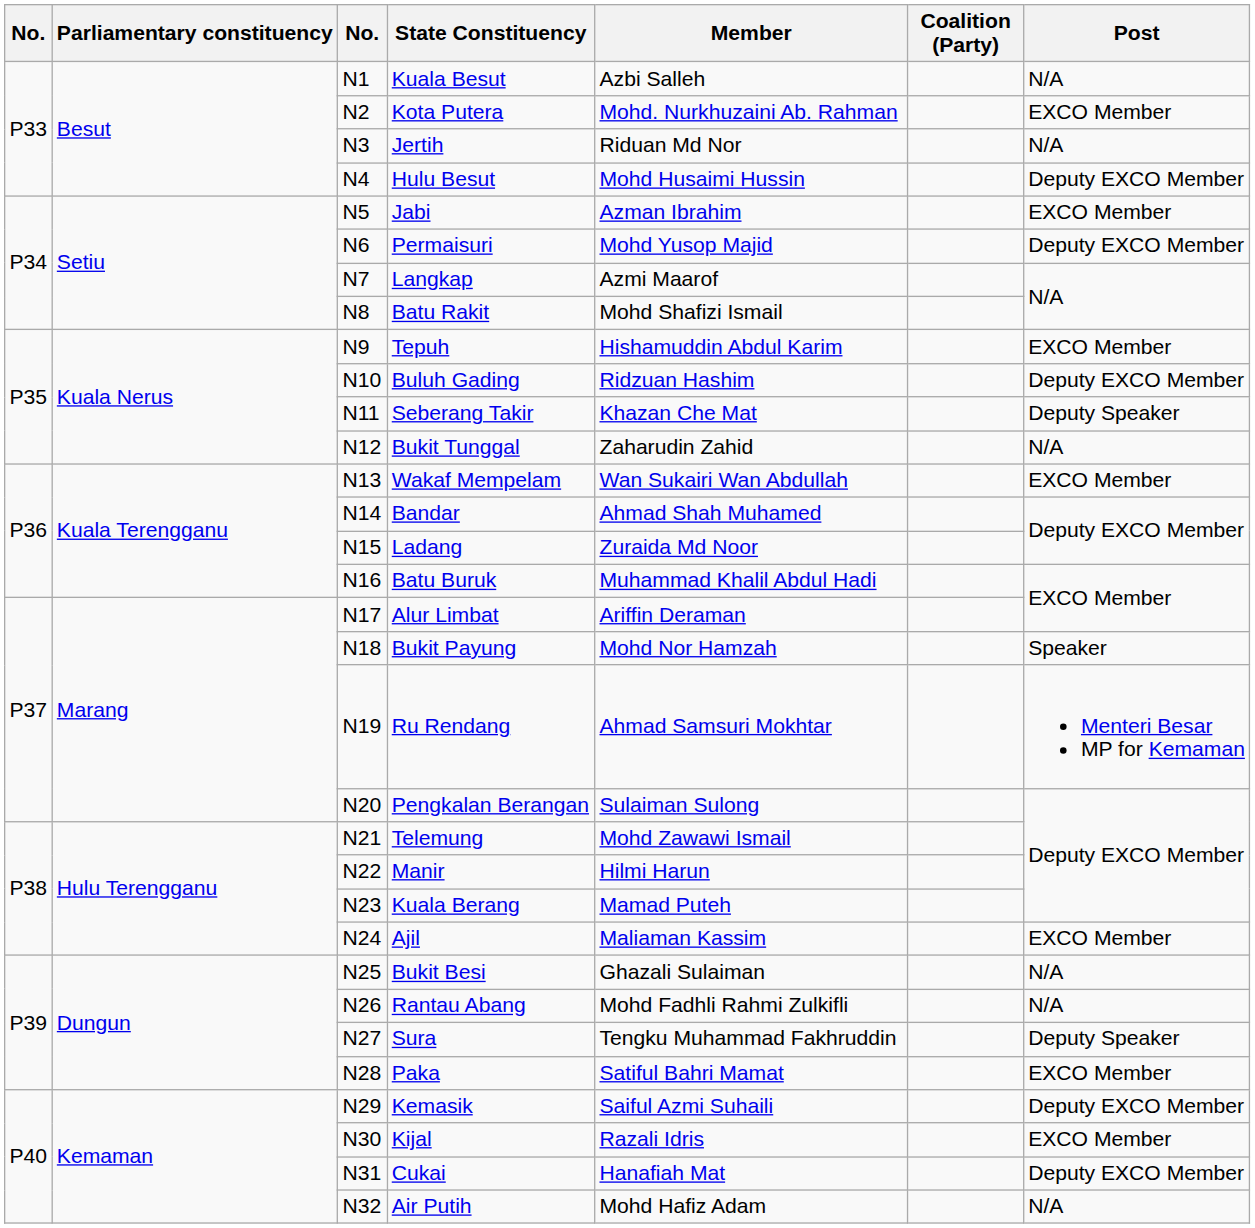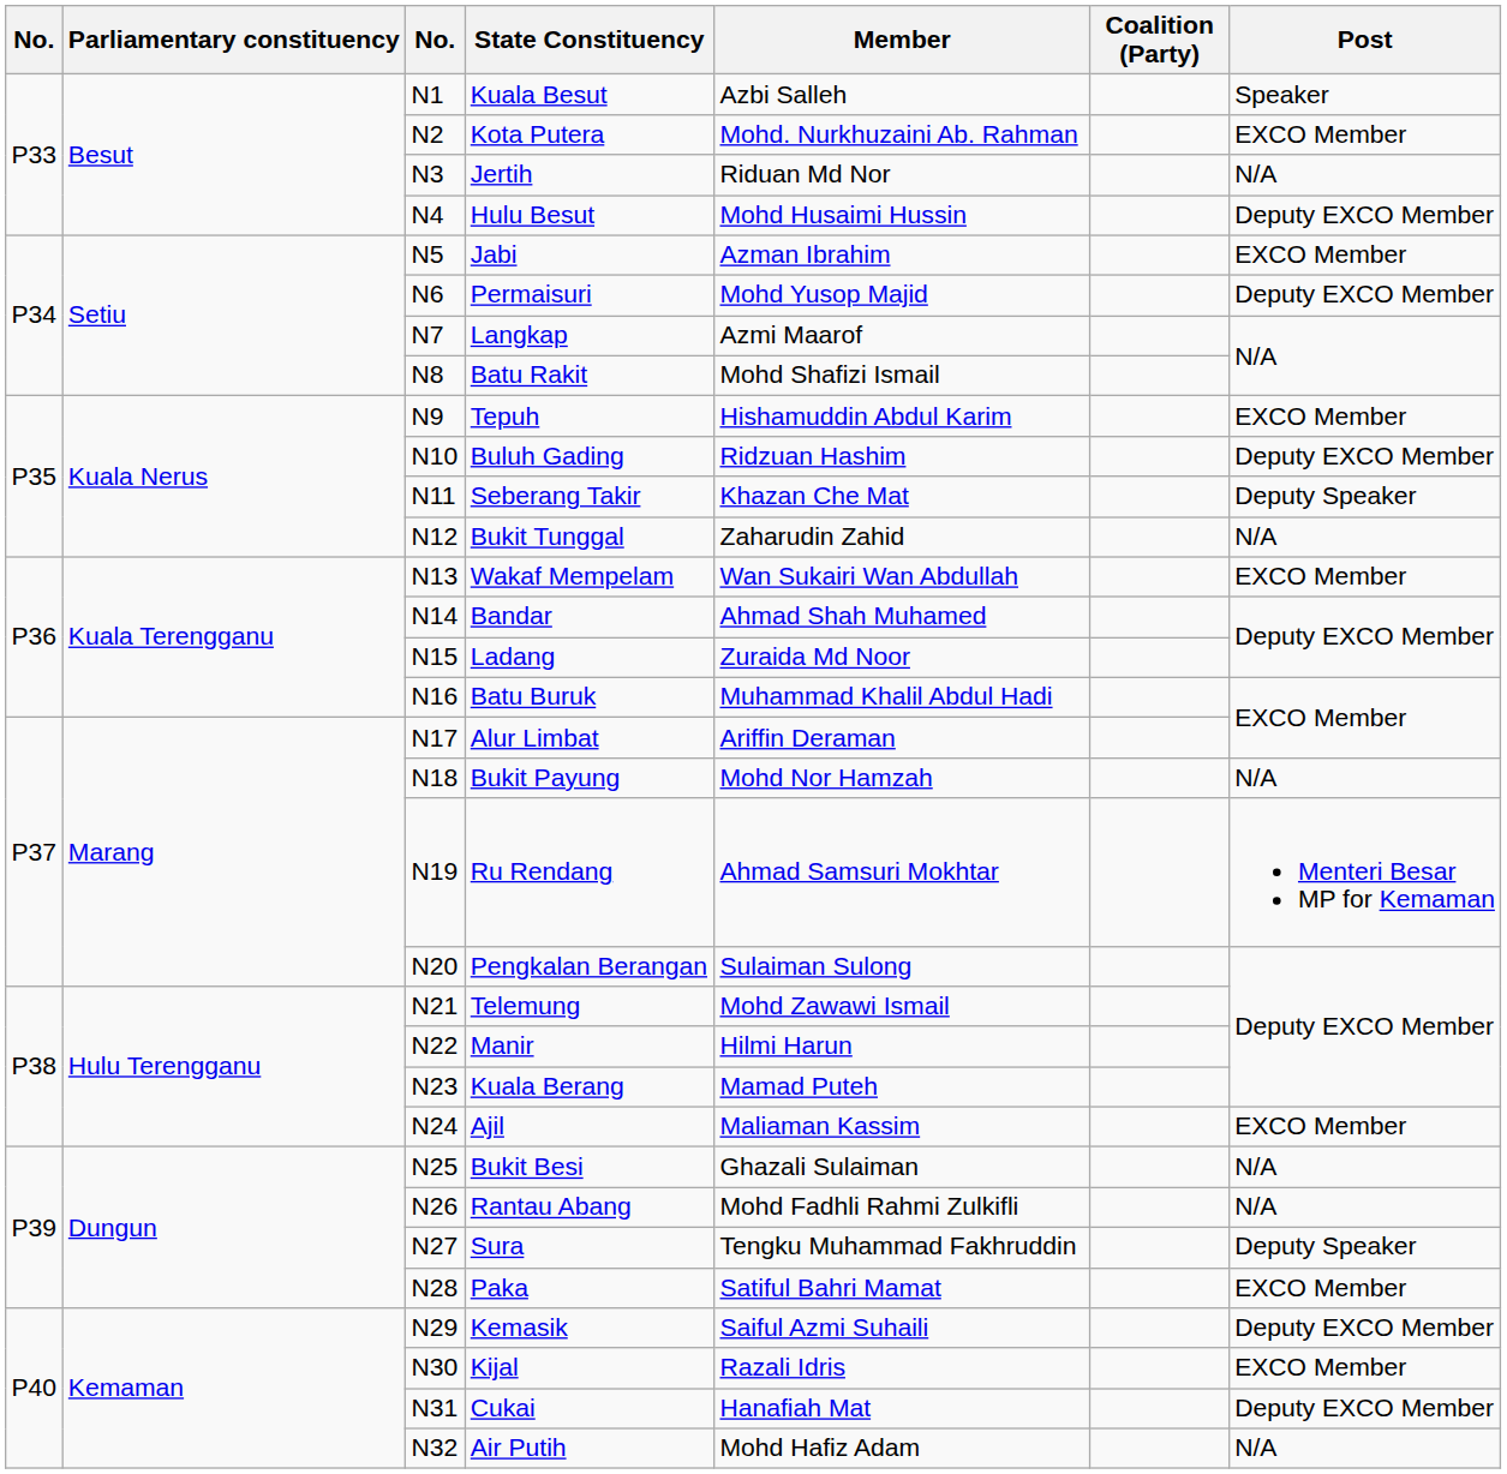 <table class="wikitable">
 <tr>
 <th>No.</th>
 <th>Parliamentary constituency</th>
 <th width="30">No.</th>
 <th width="150">State Constituency</th>
 <th width="230">Member</th>
 <th width="80">Coalition (Party)</th>
 <th>Post</th>
 </tr>
 <tr>
 <td rowspan="4">P33</td>
 <td rowspan="4"><a href='#'>Besut</a></td>
 <td>N1</td>
 <td><a href='#'>Kuala Besut</a></td>
 <td>Azbi Salleh</td>
 <td></td>
-<td>N/A</td>
+<td>Speaker</td>
 </tr>
 <tr>
 <td>N2</td>
 <td><a href='#'>Kota Putera</a></td>
 <td><a href='#'>Mohd. Nurkhuzaini Ab. Rahman</a></td>
 <td></td>
 <td>EXCO Member</td>
 </tr>
 <tr>
 <td>N3</td>
 <td><a href='#'>Jertih</a></td>
 <td>Riduan Md Nor</td>
 <td></td>
 <td>N/A</td>
 </tr>
 <tr>
 <td>N4</td>
 <td><a href='#'>Hulu Besut</a></td>
 <td><a href='#'>Mohd Husaimi Hussin</a></td>
 <td></td>
 <td>Deputy EXCO Member</td>
 </tr>
 <tr>
 <td rowspan="4">P34</td>
 <td rowspan="4"><a href='#'>Setiu</a></td>
 <td>N5</td>
 <td><a href='#'>Jabi</a></td>
 <td><a href='#'>Azman Ibrahim</a></td>
 <td></td>
 <td>EXCO Member</td>
 </tr>
 <tr>
 <td>N6</td>
 <td><a href='#'>Permaisuri</a></td>
 <td><a href='#'>Mohd Yusop Majid</a></td>
 <td></td>
 <td>Deputy EXCO Member</td>
 </tr>
 <tr>
 <td>N7</td>
 <td><a href='#'>Langkap</a></td>
 <td>Azmi Maarof</td>
 <td></td>
 <td rowspan="2">N/A</td>
 </tr>
 <tr>
 <td>N8</td>
 <td><a href='#'>Batu Rakit</a></td>
 <td>Mohd Shafizi Ismail</td>
 <td></td>
 </tr>
 <tr>
 <td rowspan="4">P35</td>
 <td rowspan="4"><a href='#'>Kuala Nerus</a></td>
 <td>N9</td>
 <td><a href='#'>Tepuh</a></td>
 <td><a href='#'>Hishamuddin Abdul Karim</a></td>
 <td></td>
 <td>EXCO Member</td>
 </tr>
 <tr>
 <td>N10</td>
 <td><a href='#'>Buluh Gading</a></td>
 <td><a href='#'>Ridzuan Hashim</a></td>
 <td></td>
 <td>Deputy EXCO Member</td>
 </tr>
 <tr>
 <td>N11</td>
 <td><a href='#'>Seberang Takir</a></td>
 <td><a href='#'>Khazan Che Mat</a></td>
 <td></td>
 <td>Deputy Speaker</td>
 </tr>
 <tr>
 <td>N12</td>
 <td><a href='#'>Bukit Tunggal</a></td>
 <td>Zaharudin Zahid</td>
 <td></td>
 <td>N/A</td>
 </tr>
 <tr>
 <td rowspan="4">P36</td>
 <td rowspan="4"><a href='#'>Kuala Terengganu</a></td>
 <td>N13</td>
 <td><a href='#'>Wakaf Mempelam</a></td>
 <td><a href='#'>Wan Sukairi Wan Abdullah</a></td>
 <td></td>
 <td>EXCO Member</td>
 </tr>
 <tr>
 <td>N14</td>
 <td><a href='#'>Bandar</a></td>
 <td><a href='#'>Ahmad Shah Muhamed</a></td>
 <td></td>
 <td rowspan="2">Deputy EXCO Member</td>
 </tr>
 <tr>
 <td>N15</td>
 <td><a href='#'>Ladang</a></td>
 <td><a href='#'>Zuraida Md Noor</a></td>
 <td></td>
 </tr>
 <tr>
 <td>N16</td>
 <td><a href='#'>Batu Buruk</a></td>
 <td><a href='#'>Muhammad Khalil Abdul Hadi</a></td>
 <td></td>
 <td rowspan="2">EXCO Member</td>
 </tr>
 <tr>
 <td rowspan="4">P37</td>
 <td rowspan="4"><a href='#'>Marang</a></td>
 <td>N17</td>
 <td><a href='#'>Alur Limbat</a></td>
 <td><a href='#'>Ariffin Deraman</a></td>
 <td></td>
 </tr>
 <tr>
 <td>N18</td>
 <td><a href='#'>Bukit Payung</a></td>
 <td><a href='#'>Mohd Nor Hamzah</a></td>
 <td></td>
-<td>Speaker</td>
+<td>N/A</td>
 </tr>
 <tr>
 <td>N19</td>
 <td><a href='#'>Ru Rendang</a></td>
 <td><a href='#'>Ahmad Samsuri Mokhtar</a></td>
 <td></td>
 <td><br><ul><li><a href='#'>Menteri Besar</a></li><li>MP for <a href='#'>Kemaman</a></li></ul></td>
 </tr>
 <tr>
 <td>N20</td>
 <td><a href='#'>Pengkalan Berangan</a></td>
 <td><a href='#'>Sulaiman Sulong</a></td>
 <td></td>
 <td rowspan="4">Deputy EXCO Member</td>
 </tr>
 <tr>
 <td rowspan="4">P38</td>
 <td rowspan="4"><a href='#'>Hulu Terengganu</a></td>
 <td>N21</td>
 <td><a href='#'>Telemung</a></td>
 <td><a href='#'>Mohd Zawawi Ismail</a></td>
 <td></td>
 </tr>
 <tr>
 <td>N22</td>
 <td><a href='#'>Manir</a></td>
 <td><a href='#'>Hilmi Harun</a></td>
 <td></td>
 </tr>
 <tr>
 <td>N23</td>
 <td><a href='#'>Kuala Berang</a></td>
 <td><a href='#'>Mamad Puteh</a></td>
 <td></td>
 </tr>
 <tr>
 <td>N24</td>
 <td><a href='#'>Ajil</a></td>
 <td><a href='#'>Maliaman Kassim</a></td>
 <td></td>
 <td>EXCO Member</td>
 </tr>
 <tr>
 <td rowspan="4">P39</td>
 <td rowspan="4"><a href='#'>Dungun</a></td>
 <td>N25</td>
 <td><a href='#'>Bukit Besi</a></td>
 <td>Ghazali Sulaiman</td>
 <td></td>
 <td>N/A</td>
 </tr>
 <tr>
 <td>N26</td>
 <td><a href='#'>Rantau Abang</a></td>
 <td>Mohd Fadhli Rahmi Zulkifli</td>
 <td></td>
 <td>N/A</td>
 </tr>
 <tr>
 <td>N27</td>
 <td><a href='#'>Sura</a></td>
 <td>Tengku Muhammad Fakhruddin</td>
 <td></td>
 <td>Deputy Speaker</td>
 </tr>
 <tr>
 <td>N28</td>
 <td><a href='#'>Paka</a></td>
 <td><a href='#'>Satiful Bahri Mamat</a></td>
 <td></td>
 <td>EXCO Member</td>
 </tr>
 <tr>
 <td rowspan="4">P40</td>
 <td rowspan="4"><a href='#'>Kemaman</a></td>
 <td>N29</td>
 <td><a href='#'>Kemasik</a></td>
 <td><a href='#'>Saiful Azmi Suhaili</a></td>
 <td></td>
 <td>Deputy EXCO Member</td>
 </tr>
 <tr>
 <td>N30</td>
 <td><a href='#'>Kijal</a></td>
 <td><a href='#'>Razali Idris</a></td>
 <td></td>
 <td>EXCO Member</td>
 </tr>
 <tr>
 <td>N31</td>
 <td><a href='#'>Cukai</a></td>
 <td><a href='#'>Hanafiah Mat</a></td>
 <td></td>
 <td>Deputy EXCO Member</td>
 </tr>
 <tr>
 <td>N32</td>
 <td><a href='#'>Air Putih</a></td>
 <td>Mohd Hafiz Adam</td>
 <td></td>
 <td>N/A</td>
 </tr>
 </table>
